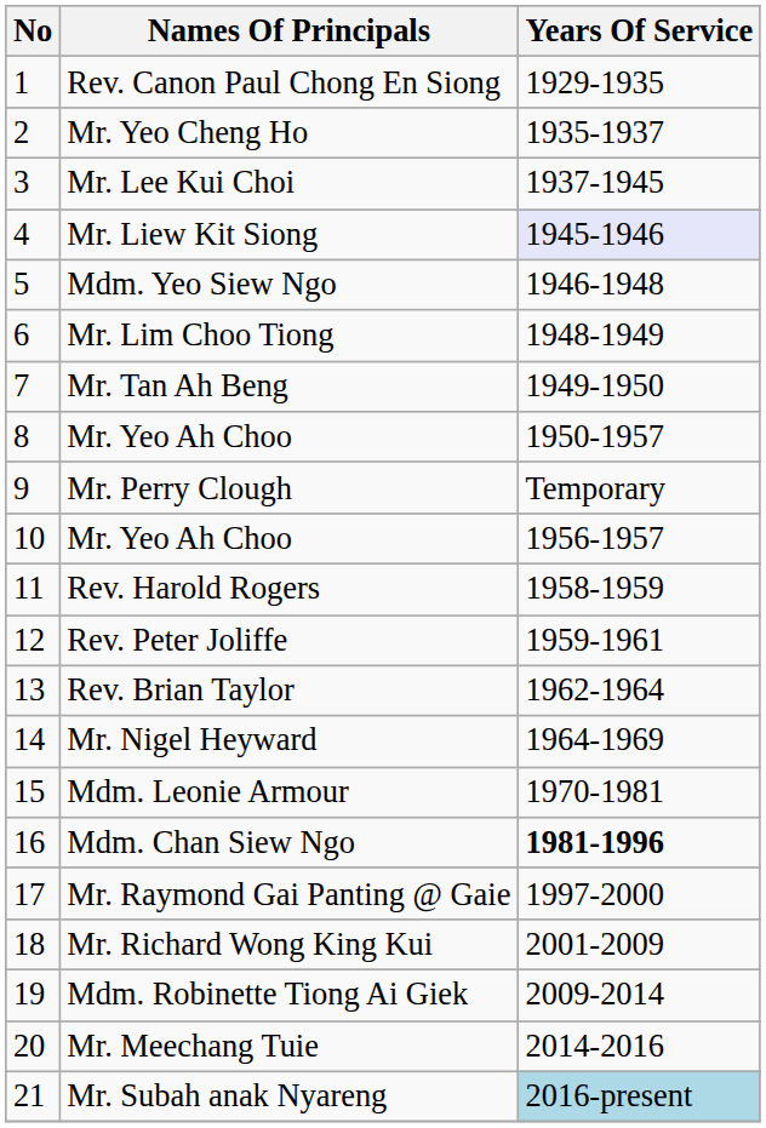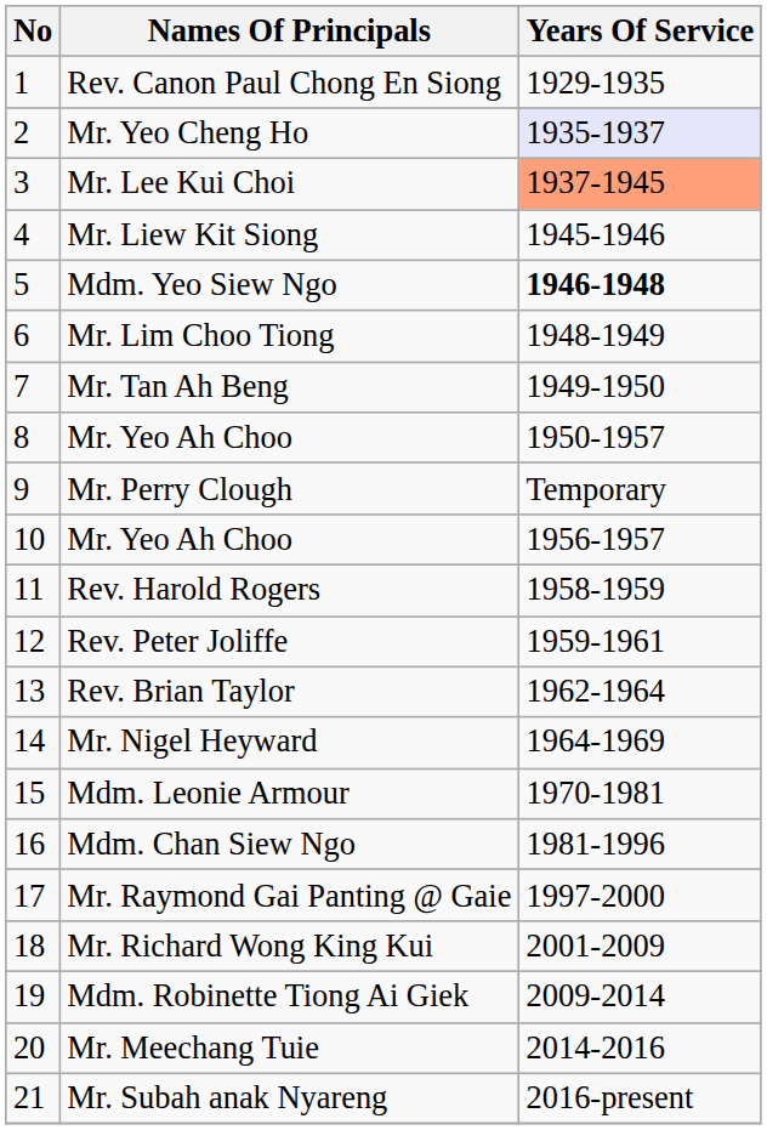 <table class="wikitable">
 <tr>
 <th>No</th>
 <th>Names Of Principals</th>
 <th>Years Of Service</th>
 </tr>
 <tr>
 <td>1</td>
 <td>Rev. Canon Paul Chong En Siong</td>
 <td>1929-1935</td>
 </tr>
 <tr>
 <td>2</td>
 <td>Mr. Yeo Cheng Ho</td>
-<td>1935-1937</td>
+<td style="background: lavender;">1935-1937</td>
 </tr>
 <tr>
 <td>3</td>
 <td>Mr. Lee Kui Choi</td>
-<td>1937-1945</td>
+<td style="background: lightsalmon;">1937-1945</td>
 </tr>
 <tr>
 <td>4</td>
 <td>Mr. Liew Kit Siong</td>
-<td style="background: lavender;">1945-1946</td>
+<td>1945-1946</td>
 </tr>
 <tr>
 <td>5</td>
 <td>Mdm. Yeo Siew Ngo</td>
-<td>1946-1948</td>
+<td><strong>1946-1948</strong></td>
 </tr>
 <tr>
 <td>6</td>
 <td>Mr. Lim Choo Tiong</td>
 <td>1948-1949</td>
 </tr>
 <tr>
 <td>7</td>
 <td>Mr. Tan Ah Beng</td>
 <td>1949-1950</td>
 </tr>
 <tr>
 <td>8</td>
 <td>Mr. Yeo Ah Choo</td>
 <td>1950-1957</td>
 </tr>
 <tr>
 <td>9</td>
 <td>Mr. Perry Clough</td>
 <td>Temporary</td>
 </tr>
 <tr er>
 <td>10</td>
 <td>Mr. Yeo Ah Choo</td>
 <td>1956-1957</td>
 </tr>
 <tr>
 <td>11</td>
 <td>Rev. Harold Rogers</td>
 <td>1958-1959</td>
 </tr>
 <tr>
 <td>12</td>
 <td>Rev. Peter Joliffe</td>
 <td>1959-1961</td>
 </tr>
 <tr>
 <td>13</td>
 <td>Rev. Brian Taylor</td>
 <td>1962-1964</td>
 </tr>
 <tr>
 <td>14</td>
 <td>Mr. Nigel Heyward</td>
 <td>1964-1969</td>
 </tr>
 <tr>
 <td>15</td>
 <td>Mdm. Leonie Armour</td>
 <td>1970-1981</td>
 </tr>
 <tr>
 <td>16</td>
 <td>Mdm. Chan Siew Ngo</td>
-<td><strong>1981-1996</strong></td>
+<td>1981-1996</td>
 </tr>
 <tr>
 <td>17</td>
 <td>Mr. Raymond Gai Panting @ Gaie</td>
 <td>1997-2000</td>
 </tr>
 <tr>
 <td>18</td>
 <td>Mr. Richard Wong King Kui</td>
 <td>2001-2009</td>
 </tr>
 <tr>
 <td>19</td>
 <td>Mdm. Robinette Tiong Ai Giek</td>
 <td>2009-2014</td>
 </tr>
 <tr>
 <td>20</td>
 <td>Mr. Meechang Tuie</td>
 <td>2014-2016</td>
 </tr>
 <tr>
 <td>21</td>
 <td>Mr. Subah anak Nyareng</td>
-<td style="background: lightblue;">2016-present</td>
+<td>2016-present</td>
 </tr>
 <tr>
 </tr>
 </table>
